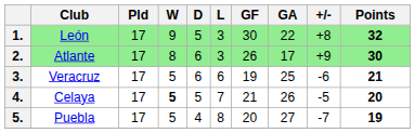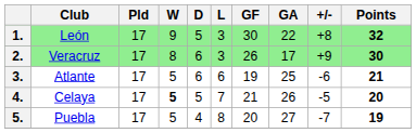 <table class="wikitable" style="width:500px; text-align:center">
 <tr>
 <th></th>
 <th>Club</th>
 <th>Pld</th>
 <th>W</th>
 <th>D</th>
 <th>L</th>
 <th>GF</th>
 <th>GA</th>
 <th>+/-</th>
 <th>Points</th>
 </tr>
 <tr valign="top" bgcolor="#90EE90">
 <th>1.</th>
 <td><a href='#'>León</a></td>
 <td>17</td>
 <td>9</td>
 <td>5</td>
 <td>3</td>
 <td>30</td>
 <td>22</td>
 <td>+8</td>
 <td><strong>32</strong></td>
 </tr>
 <tr valign="top" bgcolor="#90EE90">
 <th>2.</th>
-<td><a href='#'>Atlante</a></td>
+<td><a href='#'>Veracruz</a></td>
 <td>17</td>
 <td>8</td>
 <td>6</td>
 <td>3</td>
 <td>26</td>
 <td>17</td>
 <td>+9</td>
 <td><strong>30</strong></td>
 </tr>
 <tr valign="top" bgcolor="ffffff">
 <th>3.</th>
-<td><a href='#'>Veracruz</a></td>
+<td><a href='#'>Atlante</a></td>
 <td>17</td>
 <td>5</td>
 <td>6</td>
 <td>6</td>
 <td>19</td>
 <td>25</td>
 <td>-6</td>
 <td><strong>21</strong></td>
 </tr>
 <tr valign="top" bgcolor="ffffff">
 <th>4.</th>
 <td><a href='#'>Celaya</a></td>
 <td>17</td>
 <td><strong>5</strong></td>
 <td>5</td>
 <td>7</td>
 <td>21</td>
 <td>26</td>
 <td>-5</td>
 <td><strong>20</strong></td>
 </tr>
 <tr valign="top" bgcolor="#ffffff">
 <th>5.</th>
 <td><a href='#'>Puebla</a></td>
 <td>17</td>
 <td>5</td>
 <td>4</td>
 <td>8</td>
 <td>20</td>
 <td>27</td>
 <td>-7</td>
 <td><strong>19</strong></td>
 </tr>
 <tr valign="top" bgcolor="ffffff">
 </tr>
 </table>
